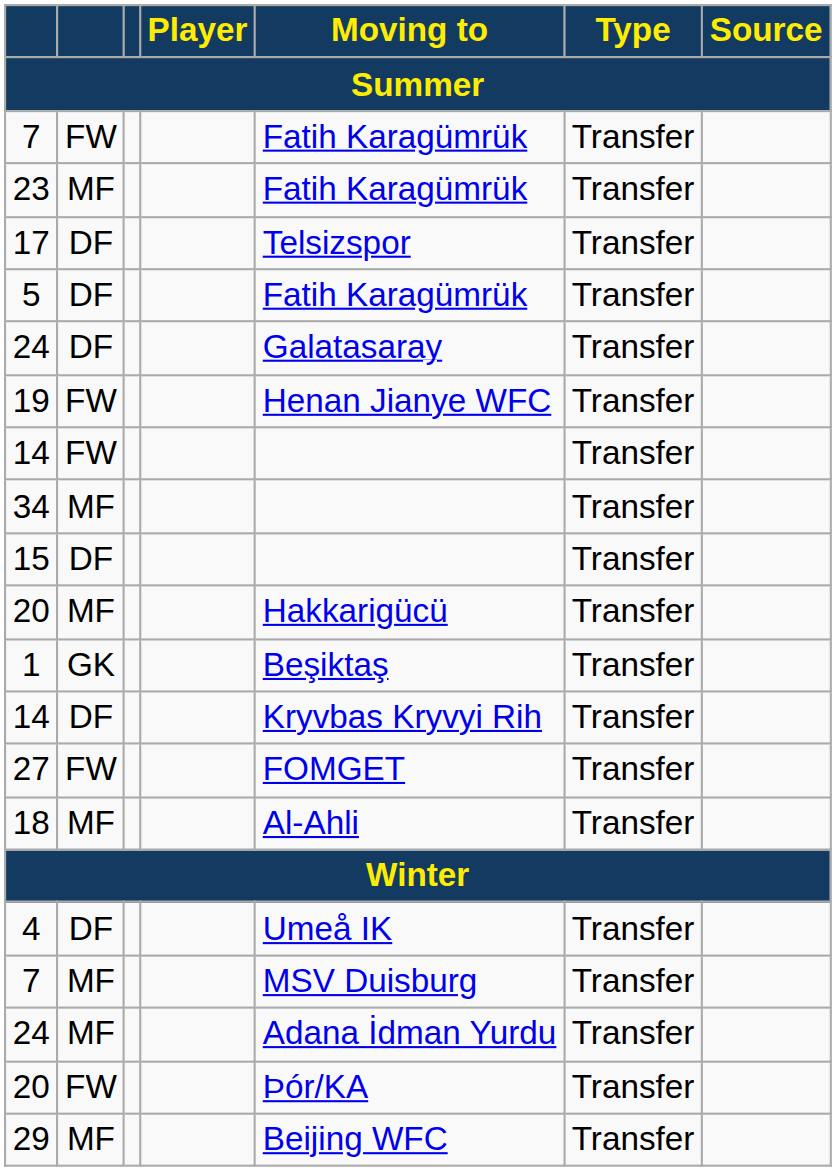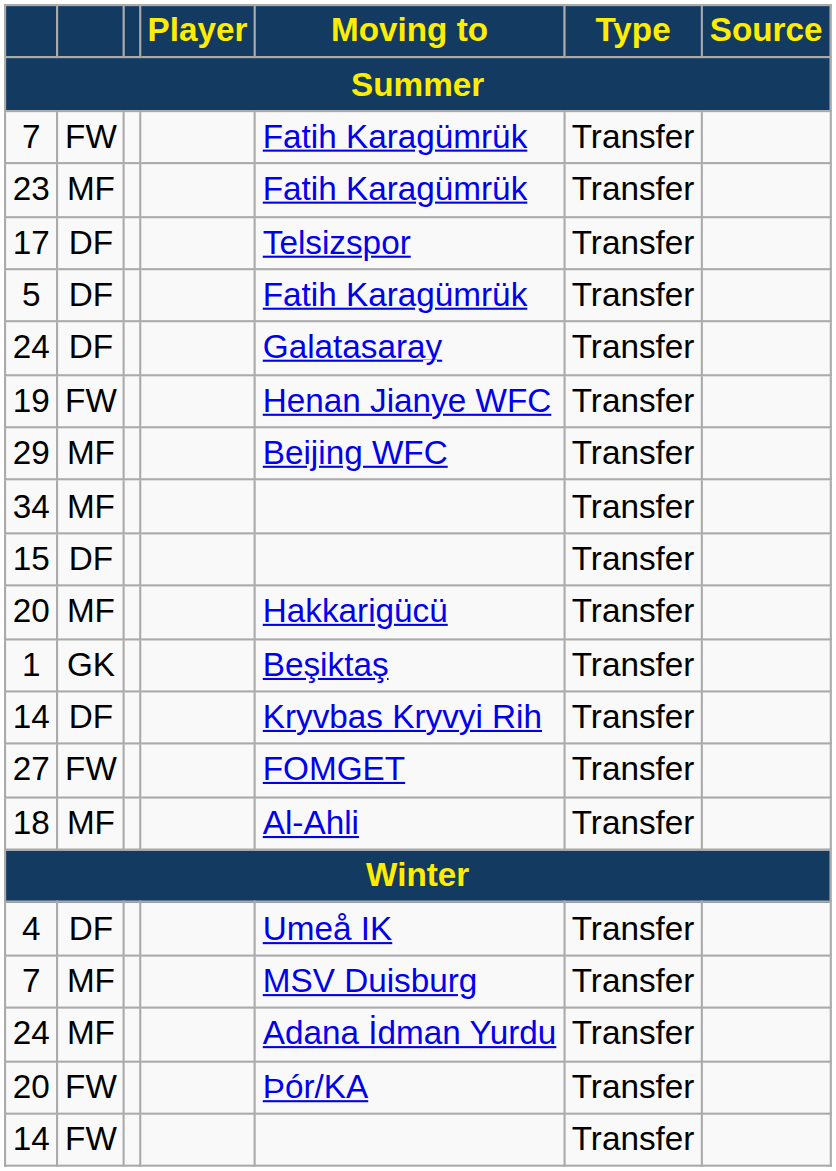 <table class="wikitable plainrowheaders sortable" style="text-align:center">
 <tr>
 <th style="background:#133A61; color:#FFED00; "></th>
 <th style="background:#133A61; color:#FFED00; "></th>
 <th style="background:#133A61; color:#FFED00; "></th>
 <th style="background:#133A61; color:#FFED00; ">Player</th>
 <th style="background:#133A61; color:#FFED00; ">Moving to</th>
 <th style="background:#133A61; color:#FFED00; ">Type</th>
 <th style="background:#133A61; color:#FFED00; ">Source</th>
 </tr>
 <tr>
 <th colspan=7 style="background:#133A61; color:#FFED00; ">Summer</th>
 </tr>
 <tr>
 <td>7</td>
 <td>FW</td>
 <td></td>
 <td align=left></td>
 <td align=left><a href='#'>Fatih Karagümrük</a></td>
 <td>Transfer</td>
 <td></td>
 </tr>
 <tr>
 <td>23</td>
 <td>MF</td>
 <td></td>
 <td align=left></td>
 <td align=left><a href='#'>Fatih Karagümrük</a></td>
 <td>Transfer</td>
 <td></td>
 </tr>
 <tr>
 <td>17</td>
 <td>DF</td>
 <td></td>
 <td align=left></td>
 <td align=left><a href='#'>Telsizspor</a></td>
 <td>Transfer</td>
 <td></td>
 </tr>
 <tr>
 <td>5</td>
 <td>DF</td>
 <td></td>
 <td align=left></td>
 <td align=left><a href='#'>Fatih Karagümrük</a></td>
 <td>Transfer</td>
 <td></td>
 </tr>
 <tr>
 <td>24</td>
 <td>DF</td>
 <td></td>
 <td align=left></td>
 <td align=left><a href='#'>Galatasaray</a></td>
 <td>Transfer</td>
 <td></td>
 </tr>
 <tr>
 <td>19</td>
 <td>FW</td>
 <td></td>
 <td align=left></td>
 <td align=left> <a href='#'>Henan Jianye WFC</a></td>
 <td>Transfer</td>
 <td></td>
 </tr>
 <tr>
-<td>14</td>
-<td>FW</td>
+<td>29</td>
+<td>MF</td>
 <td></td>
 <td align=left></td>
-<td align=left></td>
+<td align=left> <a href='#'>Beijing WFC</a></td>
 <td>Transfer</td>
 <td></td>
 </tr>
 <tr>
 <td>34</td>
 <td>MF</td>
 <td></td>
 <td align=left></td>
 <td align=left></td>
 <td>Transfer</td>
 <td></td>
 </tr>
 <tr>
 <td>15</td>
 <td>DF</td>
 <td></td>
 <td align=left></td>
 <td align=left></td>
 <td>Transfer</td>
 <td></td>
 </tr>
 <tr>
 <td>20</td>
 <td>MF</td>
 <td></td>
 <td align=left></td>
 <td align=left><a href='#'>Hakkarigücü</a></td>
 <td>Transfer</td>
 <td></td>
 </tr>
 <tr>
 <td>1</td>
 <td>GK</td>
 <td></td>
 <td align=left></td>
 <td align=left><a href='#'>Beşiktaş</a></td>
 <td>Transfer</td>
 <td></td>
 </tr>
 <tr>
 <td>14</td>
 <td>DF</td>
 <td></td>
 <td align=left></td>
 <td align=left> <a href='#'>Kryvbas Kryvyi Rih</a></td>
 <td>Transfer</td>
 <td></td>
 </tr>
 <tr>
 <td>27</td>
 <td>FW</td>
 <td></td>
 <td align=left></td>
 <td align=left><a href='#'>FOMGET</a></td>
 <td>Transfer</td>
 <td></td>
 </tr>
 <tr>
 <td>18</td>
 <td>MF</td>
 <td></td>
 <td align=left></td>
 <td align=left> <a href='#'>Al-Ahli</a></td>
 <td>Transfer</td>
 <td></td>
 </tr>
 <tr>
 <th colspan=7 style="background:#133A61; color:#FFED00; ">Winter</th>
 </tr>
 <tr>
 <td>4</td>
 <td>DF</td>
 <td></td>
 <td align=left></td>
 <td align=left> <a href='#'>Umeå IK</a></td>
 <td>Transfer</td>
 <td></td>
 </tr>
 <tr>
 <td>7</td>
 <td>MF</td>
 <td></td>
 <td align=left></td>
 <td align=left> <a href='#'>MSV Duisburg</a></td>
 <td>Transfer</td>
 <td></td>
 </tr>
 <tr>
 <td>24</td>
 <td>MF</td>
 <td></td>
 <td align=left></td>
 <td align=left><a href='#'>Adana İdman Yurdu</a></td>
 <td>Transfer</td>
 <td></td>
 </tr>
 <tr>
 <td>20</td>
 <td>FW</td>
 <td></td>
 <td align=left></td>
 <td align=left> <a href='#'>Þór/KA</a></td>
 <td>Transfer</td>
 <td></td>
 </tr>
 <tr>
-<td>29</td>
-<td>MF</td>
+<td>14</td>
+<td>FW</td>
 <td></td>
 <td align=left></td>
-<td align=left> <a href='#'>Beijing WFC</a></td>
+<td align=left></td>
 <td>Transfer</td>
 <td></td>
 </tr>
 </table>
